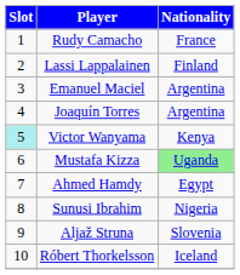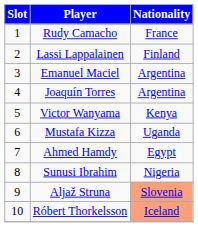 <table class="wikitable" style="text-align:center; margin-left:1em; font-size:85%;">
 <tr>
 <th style="background:#00f; color:white; text-align:center;">Slot</th>
 <th style="background:#00f; color:white; text-align:center;">Player</th>
 <th style="background:#00f; color:white; text-align:center;">Nationality</th>
 </tr>
 <tr>
 <td>1</td>
 <td><a href='#'>Rudy Camacho</a></td>
 <td> <a href='#'>France</a></td>
 </tr>
 <tr>
 <td>2</td>
 <td><a href='#'>Lassi Lappalainen</a></td>
 <td> <a href='#'>Finland</a></td>
 </tr>
 <tr>
 <td>3</td>
 <td><a href='#'>Emanuel Maciel</a></td>
 <td> <a href='#'>Argentina</a></td>
 </tr>
 <tr>
 <td>4</td>
 <td><a href='#'>Joaquín Torres</a></td>
 <td> <a href='#'>Argentina</a></td>
 </tr>
 <tr>
-<td style="background: paleturquoise;">5</td>
+<td>5</td>
 <td><a href='#'>Victor Wanyama</a></td>
 <td> <a href='#'>Kenya</a></td>
 </tr>
 <tr>
 <td>6</td>
 <td><a href='#'>Mustafa Kizza</a></td>
-<td style="background: lightgreen;"> <a href='#'>Uganda</a></td>
+<td> <a href='#'>Uganda</a></td>
 </tr>
 <tr>
 <td>7</td>
 <td><a href='#'>Ahmed Hamdy</a></td>
 <td> <a href='#'>Egypt</a></td>
 </tr>
 <tr>
 <td>8</td>
 <td><a href='#'>Sunusi Ibrahim</a></td>
 <td> <a href='#'>Nigeria</a></td>
 </tr>
 <tr>
 <td>9</td>
 <td><a href='#'>Aljaž Struna</a></td>
-<td> <a href='#'>Slovenia</a></td>
+<td style="background: lightsalmon;"> <a href='#'>Slovenia</a></td>
 </tr>
 <tr>
 <td>10</td>
 <td><a href='#'>Róbert Thorkelsson</a></td>
-<td> <a href='#'>Iceland</a></td>
+<td style="background: lightsalmon;"> <a href='#'>Iceland</a></td>
 </tr>
 <tr>
 </tr>
 </table>
